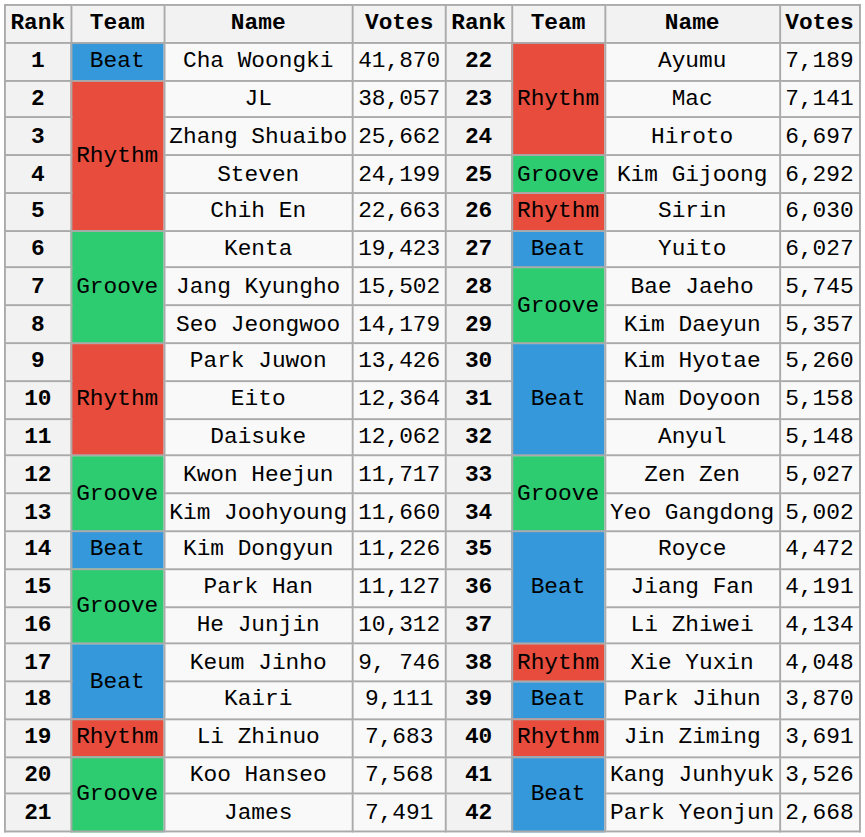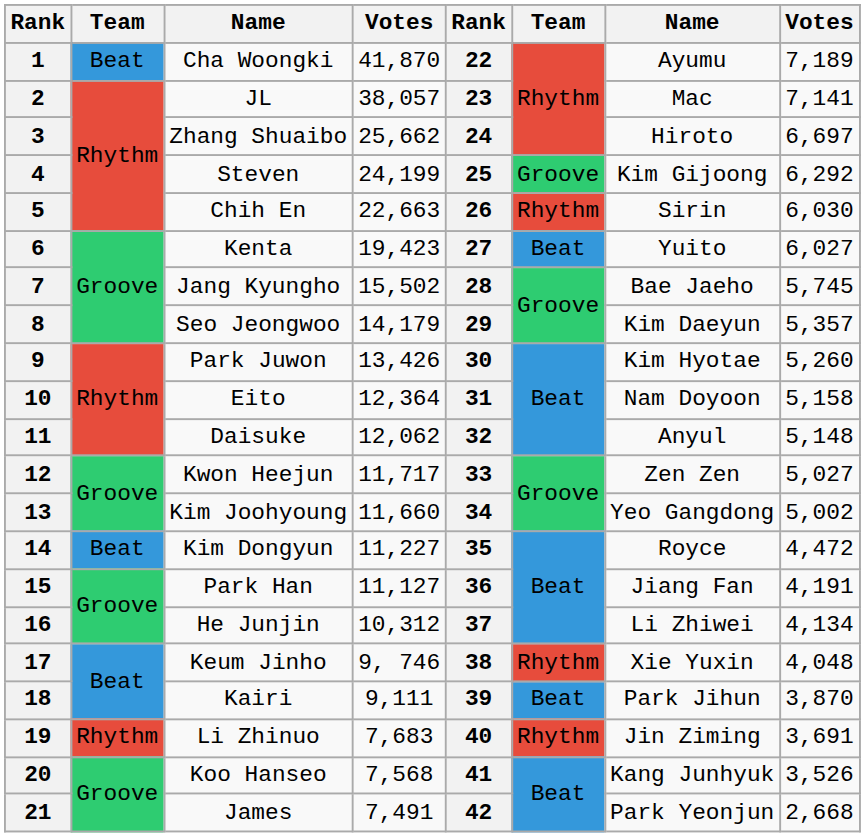 <table class="wikitable sortable" style="text-align:center; font-size:small;">
 <tr>
 <th>Rank</th>
 <th>Team</th>
 <th>Name</th>
 <th>Votes</th>
 <th>Rank</th>
 <th>Team</th>
 <th>Name</th>
 <th>Votes</th>
 </tr>
 <tr>
 <th>1</th>
 <td style="background-color:#3498db">Beat</td>
 <td>Cha Woongki</td>
 <td>41,870</td>
 <th>22</th>
 <td rowspan="3" style="background:#e74c3c">Rhythm</td>
 <td>Ayumu</td>
 <td>7,189</td>
 </tr>
 <tr>
 <th>2</th>
 <td rowspan="4" style="background:#e74c3c">Rhythm</td>
 <td>JL</td>
 <td>38,057</td>
 <th>23</th>
 <td>Mac</td>
 <td>7,141 </td>
 </tr>
 <tr>
 <th>3</th>
 <td>Zhang Shuaibo</td>
 <td>25,662</td>
 <th>24</th>
 <td>Hiroto</td>
 <td>6,697</td>
 </tr>
 <tr>
 <th>4</th>
 <td>Steven</td>
 <td>24,199</td>
 <th>25</th>
 <td style="background:#2ecc71">Groove</td>
 <td>Kim Gijoong</td>
 <td>6,292</td>
 </tr>
 <tr>
 <th>5</th>
 <td>Chih En</td>
 <td>22,663</td>
 <th>26</th>
 <td style="background:#e74c3c">Rhythm</td>
 <td>Sirin</td>
 <td>6,030 </td>
 </tr>
 <tr>
 <th>6</th>
 <td rowspan="3" style="background:#2ecc71">Groove</td>
 <td>Kenta</td>
 <td>19,423</td>
 <th>27</th>
 <td style="background-color:#3498db">Beat</td>
 <td>Yuito</td>
 <td>6,027</td>
 </tr>
 <tr>
 <th>7</th>
 <td>Jang Kyungho</td>
 <td>15,502</td>
 <th>28</th>
 <td rowspan="2" style="background:#2ecc71">Groove</td>
 <td>Bae Jaeho</td>
 <td>5,745</td>
 </tr>
 <tr>
 <th>8</th>
 <td>Seo Jeongwoo</td>
 <td>14,179</td>
 <th>29</th>
 <td>Kim Daeyun</td>
 <td>5,357</td>
 </tr>
 <tr>
 <th>9</th>
 <td rowspan="3" style="background:#e74c3c">Rhythm</td>
 <td>Park Juwon</td>
 <td>13,426</td>
 <th>30</th>
 <td rowspan="3" style="background-color:#3498db">Beat</td>
 <td>Kim Hyotae</td>
 <td>5,260 </td>
 </tr>
 <tr>
 <th>10</th>
 <td>Eito</td>
 <td>12,364</td>
 <th>31</th>
 <td>Nam Doyoon</td>
 <td>5,158</td>
 </tr>
 <tr>
 <th>11</th>
 <td>Daisuke</td>
 <td>12,062</td>
 <th>32</th>
 <td>Anyul</td>
 <td>5,148</td>
 </tr>
 <tr>
 <th>12</th>
 <td rowspan="2" style="background:#2ecc71">Groove</td>
 <td>Kwon Heejun</td>
 <td>11,717</td>
 <th>33</th>
 <td rowspan="2" style="background:#2ecc71">Groove</td>
 <td>Zen Zen</td>
 <td>5,027</td>
 </tr>
 <tr>
 <th>13</th>
 <td>Kim Joohyoung</td>
 <td>11,660</td>
 <th>34</th>
 <td>Yeo Gangdong</td>
 <td>5,002</td>
 </tr>
 <tr>
 <th>14</th>
 <td style="background-color:#3498db">Beat</td>
 <td>Kim Dongyun</td>
-<td>11,226 </td>
+<td>11,227 </td>
 <th>35</th>
 <td rowspan="3" style="background-color:#3498db">Beat</td>
 <td>Royce</td>
 <td>4,472 </td>
 </tr>
 <tr>
 <th>15</th>
 <td rowspan="2" style="background:#2ecc71">Groove</td>
 <td>Park Han</td>
 <td>11,127</td>
 <th>36</th>
 <td>Jiang Fan</td>
 <td>4,191 </td>
 </tr>
 <tr>
 <th>16</th>
 <td>He Junjin</td>
 <td>10,312</td>
 <th>37</th>
 <td>Li Zhiwei</td>
 <td>4,134 </td>
 </tr>
 <tr>
 <th>17</th>
 <td rowspan="2" style="background-color:#3498db">Beat</td>
 <td>Keum Jinho</td>
 <td>9, 746</td>
 <th>38</th>
 <td style="background:#e74c3c">Rhythm</td>
 <td>Xie Yuxin</td>
 <td>4,048 </td>
 </tr>
 <tr>
 <th>18</th>
 <td>Kairi</td>
 <td>9,111</td>
 <th>39</th>
 <td style="background-color:#3498db">Beat</td>
 <td>Park Jihun</td>
 <td>3,870 </td>
 </tr>
 <tr>
 <th>19</th>
 <td style="background:#e74c3c">Rhythm</td>
 <td>Li Zhinuo</td>
 <td>7,683 </td>
 <th>40</th>
 <td style="background:#e74c3c">Rhythm</td>
 <td>Jin Ziming</td>
 <td>3,691 </td>
 </tr>
 <tr>
 <th>20</th>
 <td rowspan="2" style="background:#2ecc71">Groove</td>
 <td>Koo Hanseo</td>
 <td>7,568</td>
 <th>41</th>
 <td rowspan="2" style="background-color:#3498db">Beat</td>
 <td>Kang Junhyuk</td>
 <td>3,526 </td>
 </tr>
 <tr>
 <th>21</th>
 <td>James</td>
 <td>7,491</td>
 <th>42</th>
 <td>Park Yeonjun</td>
 <td>2,668 </td>
 </tr>
 </table>
